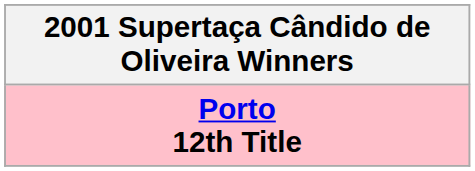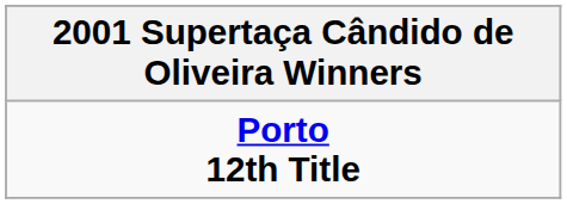 <table class="wikitable" style="text-align: center; margin: 0 auto; width: 20%">
 <tr>
 <th>2001 Supertaça Cândido de Oliveira Winners</th>
 </tr>
 <tr>
-<td style="background: pink;"><strong><a href='#'>Porto</a></strong><br><strong>12th Title</strong></td>
+<td><strong><a href='#'>Porto</a></strong><br><strong>12th Title</strong></td>
 </tr>
 </table>
